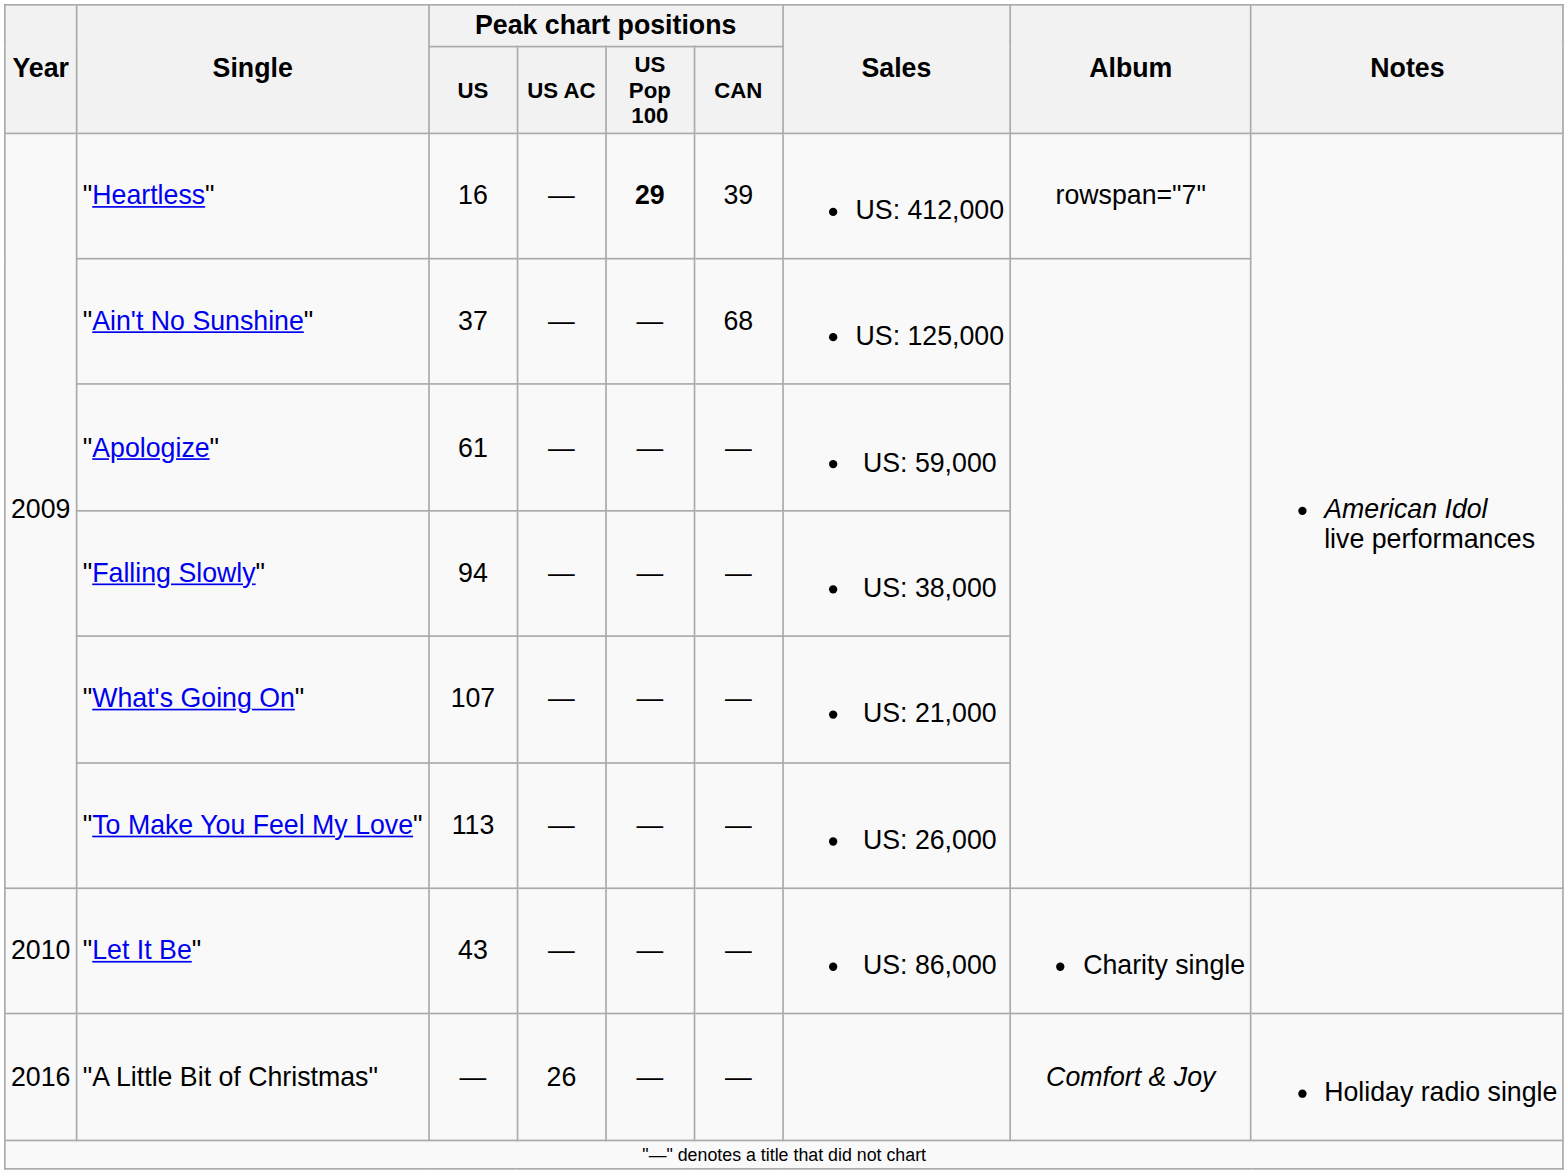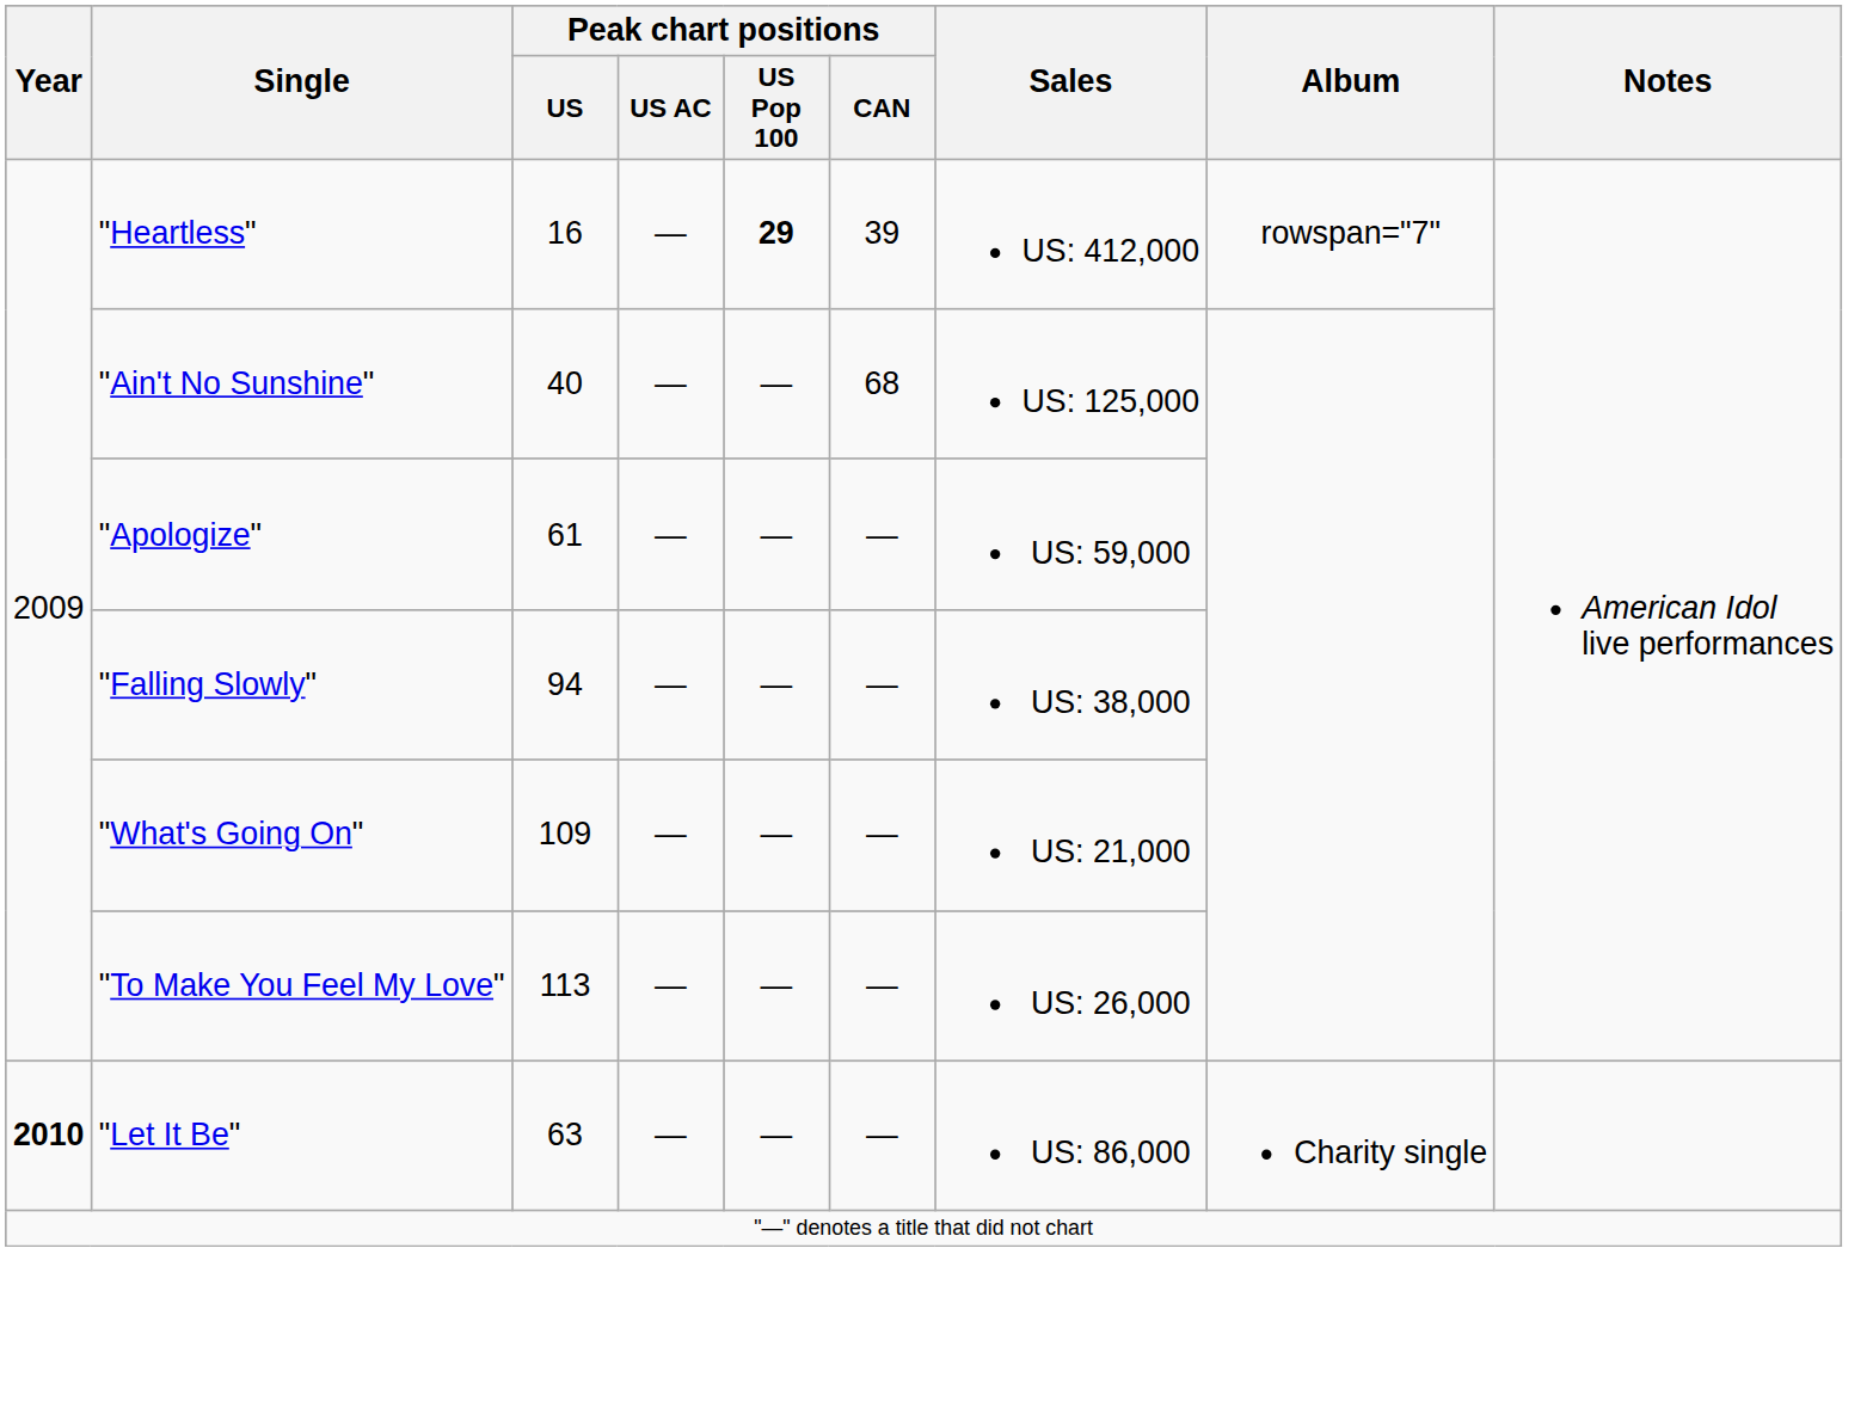 <table class="wikitable" style="text-align:center;">
 <tr>
 <th rowspan="2">Year</th>
 <th rowspan="2">Single</th>
 <th colspan="4">Peak chart positions</th>
 <th rowspan="2">Sales</th>
 <th rowspan="2">Album</th>
 <th rowspan="2">Notes</th>
 </tr>
 <tr style="font-size:smaller;">
 <th style="width:3.5em;">US<br></th>
 <th style="width:3.5em;">US AC<br></th>
 <th style="width:3.5em;">US<br>Pop 100<br></th>
 <th style="width:3.5em;">CAN<br></th>
 </tr>
 <tr>
 <td rowspan="6">2009</td>
 <td style="text-align:left;">"<a href='#'>Heartless</a>"</td>
 <td>16</td>
 <td>—</td>
 <td><strong>29</strong></td>
 <td>39</td>
 <td><br><ul><li>US: 412,000</li></ul></td>
 <td>rowspan="7" </td>
 <td style="text-align:left;" rowspan="6"><br><ul><li><em>American Idol</em><br>live performances</li></ul></td>
 </tr>
 <tr>
 <td style="text-align:left;">"<a href='#'>Ain't No Sunshine</a>"</td>
-<td>37</td>
+<td>40</td>
 <td>—</td>
 <td>—</td>
 <td>68</td>
 <td><br><ul><li>US: 125,000</li></ul></td>
 </tr>
 <tr>
 <td style="text-align:left;">"<a href='#'>Apologize</a>"</td>
 <td>61</td>
 <td>—</td>
 <td>—</td>
 <td>—</td>
 <td><br><ul><li>US: 59,000</li></ul></td>
 </tr>
 <tr>
 <td style="text-align:left;">"<a href='#'>Falling Slowly</a>"</td>
 <td>94</td>
 <td>—</td>
 <td>—</td>
 <td>—</td>
 <td><br><ul><li>US: 38,000</li></ul></td>
 </tr>
 <tr>
 <td style="text-align:left;">"<a href='#'>What's Going On</a>"</td>
-<td>107</td>
+<td>109</td>
 <td>—</td>
 <td>—</td>
 <td>—</td>
 <td><br><ul><li>US: 21,000</li></ul></td>
 </tr>
 <tr>
 <td style="text-align:left;">"<a href='#'>To Make You Feel My Love</a>"</td>
 <td>113</td>
 <td>—</td>
 <td>—</td>
 <td>—</td>
 <td><br><ul><li>US: 26,000</li></ul></td>
 </tr>
 <tr>
-<td>2010</td>
+<td><strong>2010</strong></td>
 <td style="text-align:left;">"<a href='#'>Let It Be</a>"</td>
-<td>43</td>
+<td>63</td>
 <td>—</td>
 <td>—</td>
 <td>—</td>
 <td><br><ul><li>US: 86,000</li></ul></td>
 <td><br><ul><li>Charity single</li></ul></td>
 </tr>
 <tr>
-<td>2016</td>
-<td style="text-align:left;">"A Little Bit of Christmas" <br> </td>
-<td>—</td>
-<td>26</td>
-<td>—</td>
-<td>—</td>
-<td></td>
-<td><em>Comfort & Joy</em></td>
-<td><br><ul><li>Holiday radio single</li></ul></td>
-</tr>
-<tr>
 <td colspan="9" style="font-size:8pt">"—" denotes a title that did not chart</td>
 </tr>
 </table>
